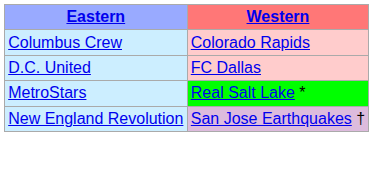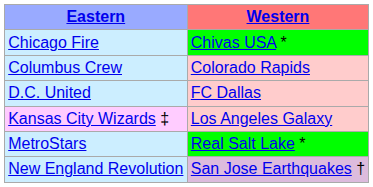 <table class="wikitable">
 <tr>
 <th style="background-color: #9AF;"><a href='#'>Eastern</a></th>
 <th style="background-color: #F77;"><a href='#'>Western</a></th>
+</tr>
+<tr>
+<td style="background-color: #CEF;"><a href='#'>Chicago Fire</a></td>
+<td style="background-color: #0F0;"><a href='#'>Chivas USA</a> *</td>
 </tr>
 <tr>
 <td style="background-color: #CEF;"><a href='#'>Columbus Crew</a></td>
 <td style="background-color: #FCC;"><a href='#'>Colorado Rapids</a></td>
 </tr>
 <tr>
 <td style="background-color: #CEF;"><a href='#'>D.C. United</a></td>
 <td style="background-color: #FCC;"><a href='#'>FC Dallas</a></td>
 </tr>
 <tr>
+<td style="background-color: #FCF;"><a href='#'>Kansas City Wizards</a> ‡</td>
+<td style="background-color: #FCC;"><a href='#'>Los Angeles Galaxy</a></td>
+</tr>
+<tr>
 <td style="background-color: #CEF;"><a href='#'>MetroStars</a></td>
 <td style="background-color: #0F0;"><a href='#'>Real Salt Lake</a> *</td>
 </tr>
 <tr>
 <td style="background-color: #CEF;"><a href='#'>New England Revolution</a></td>
 <td style="background-color: #DBD;"><a href='#'>San Jose Earthquakes</a> †</td>
 </tr>
 </table>
